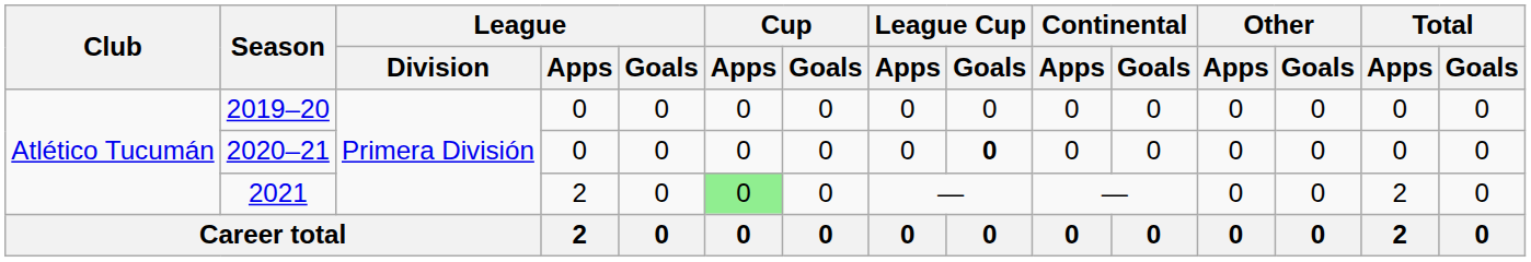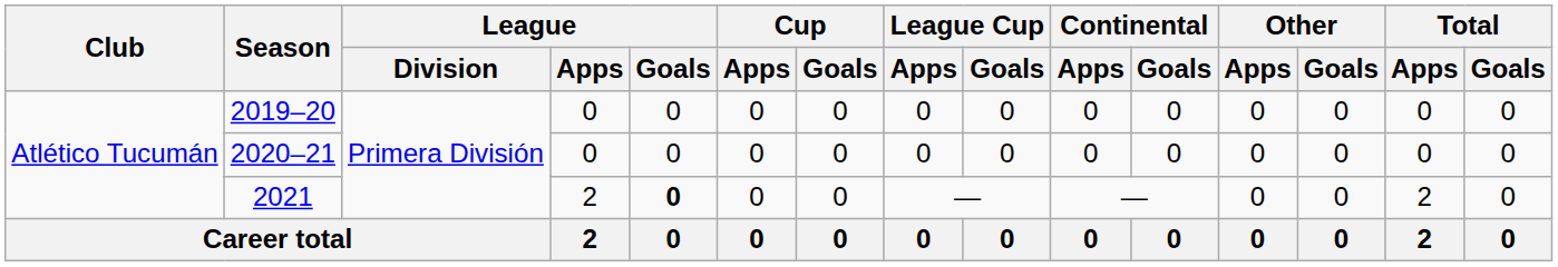 <table class="wikitable" style="text-align:center">
 <tr>
 <th rowspan="2">Club</th>
 <th rowspan="2">Season</th>
 <th colspan="3">League</th>
 <th colspan="2">Cup</th>
 <th colspan="2">League Cup</th>
 <th colspan="2">Continental</th>
 <th colspan="2">Other</th>
 <th colspan="2">Total</th>
 </tr>
 <tr>
 <th>Division</th>
 <th>Apps</th>
 <th>Goals</th>
 <th>Apps</th>
 <th>Goals</th>
 <th>Apps</th>
 <th>Goals</th>
 <th>Apps</th>
 <th>Goals</th>
 <th>Apps</th>
 <th>Goals</th>
 <th>Apps</th>
 <th>Goals</th>
 </tr>
 <tr>
 <td rowspan="3"><a href='#'>Atlético Tucumán</a></td>
 <td><a href='#'>2019–20</a></td>
 <td rowspan="3"><a href='#'>Primera División</a></td>
 <td>0</td>
 <td>0</td>
 <td>0</td>
 <td>0</td>
 <td>0</td>
 <td>0</td>
 <td>0</td>
 <td>0</td>
 <td>0</td>
 <td>0</td>
 <td>0</td>
 <td>0</td>
 </tr>
 <tr>
 <td><a href='#'>2020–21</a></td>
 <td>0</td>
 <td>0</td>
 <td>0</td>
 <td>0</td>
 <td>0</td>
-<td><strong>0</strong></td>
+<td>0</td>
 <td>0</td>
 <td>0</td>
 <td>0</td>
 <td>0</td>
 <td>0</td>
 <td>0</td>
 </tr>
 <tr>
 <td><a href='#'>2021</a></td>
 <td>2</td>
+<td><strong>0</strong></td>
 <td>0</td>
-<td style="background: lightgreen;">0</td>
 <td>0</td>
 <td colspan="2">—</td>
 <td colspan="2">—</td>
 <td>0</td>
 <td>0</td>
 <td>2</td>
 <td>0</td>
 </tr>
 <tr>
 <th colspan="3">Career total</th>
 <th>2</th>
 <th>0</th>
 <th>0</th>
 <th>0</th>
 <th>0</th>
 <th>0</th>
 <th>0</th>
 <th>0</th>
 <th>0</th>
 <th>0</th>
 <th>2</th>
 <th>0</th>
 </tr>
 </table>
